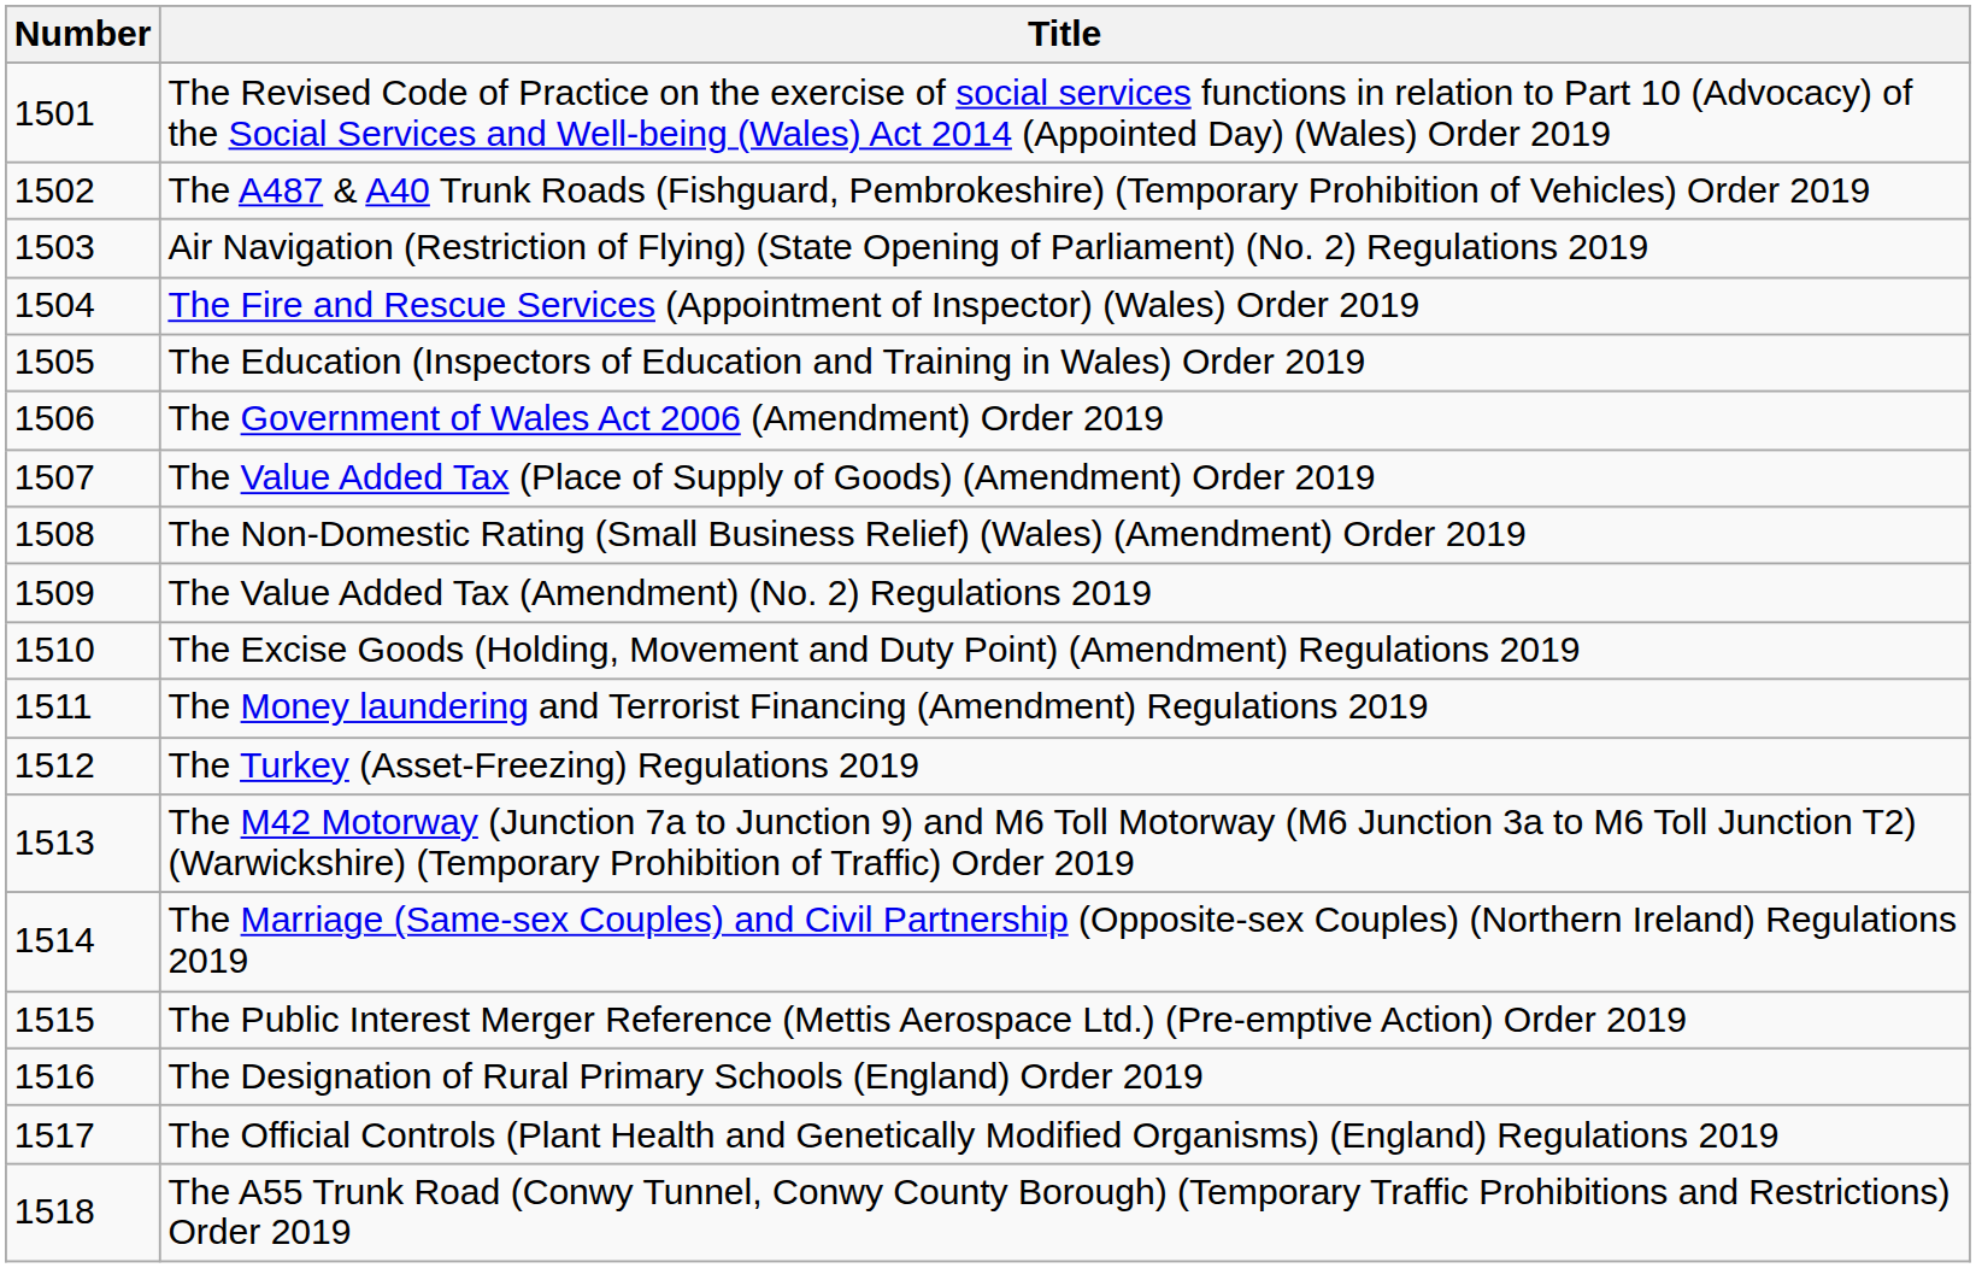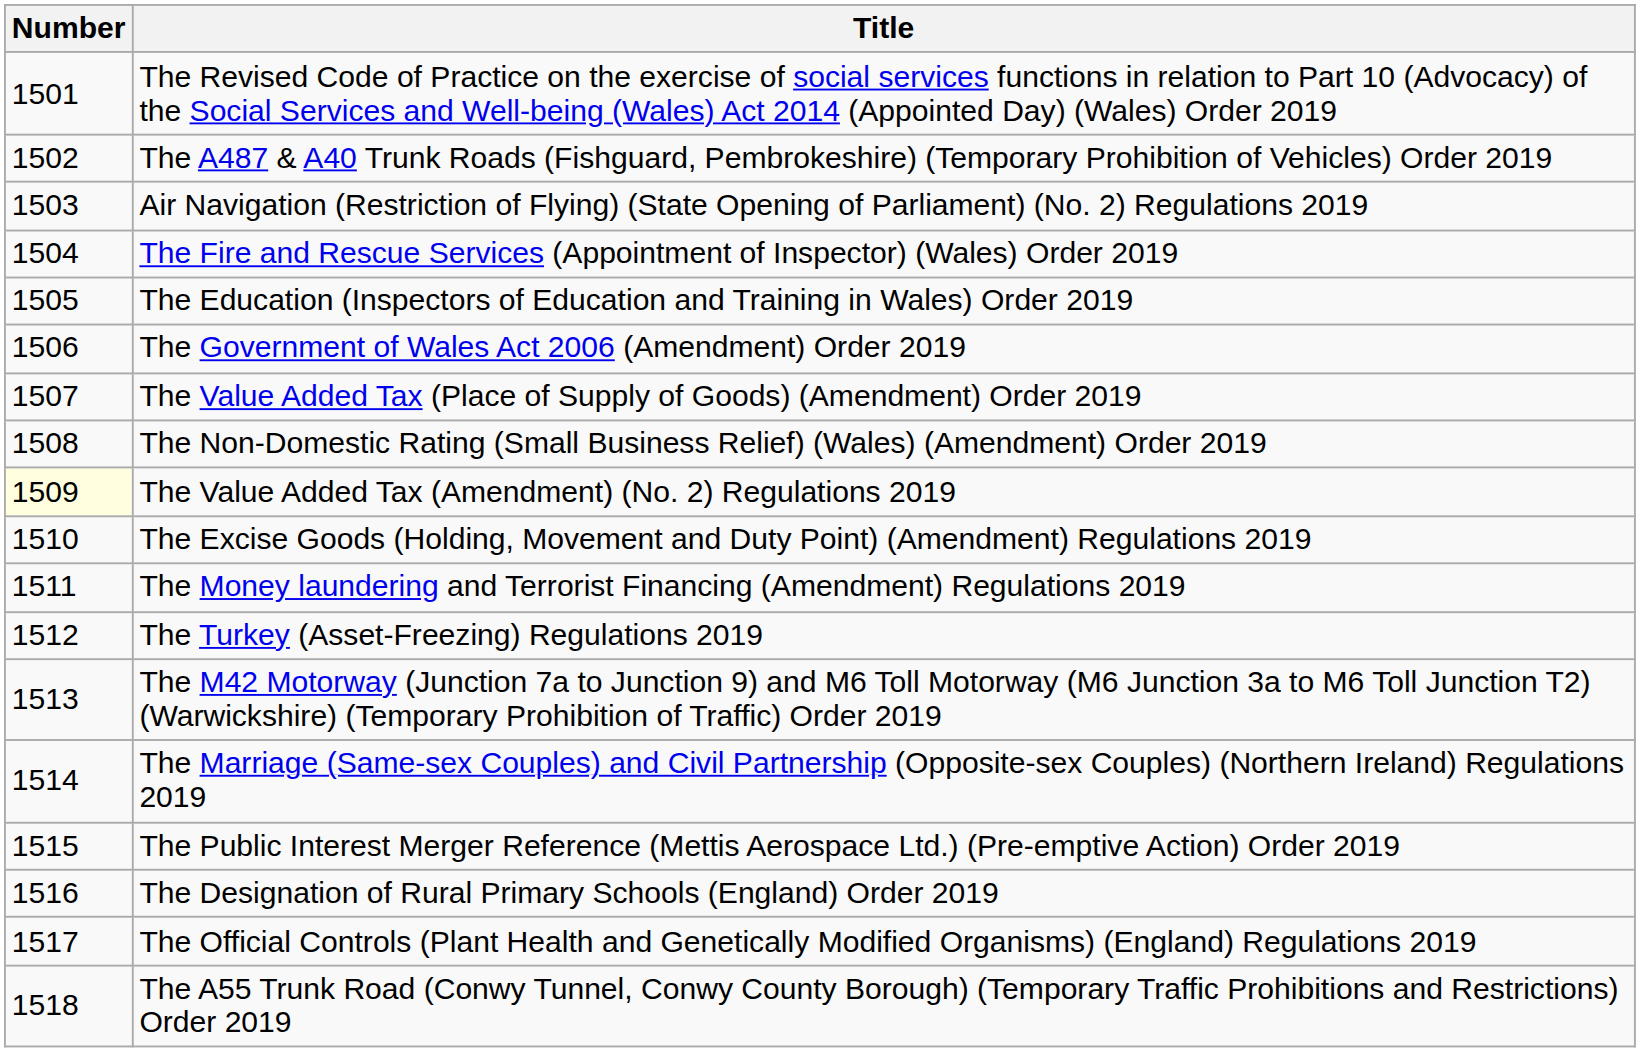 <table class="wikitable collapsible">
 <tr>
 <th>Number</th>
 <th>Title</th>
 </tr>
 <tr>
 <td>1501</td>
 <td>The Revised Code of Practice on the exercise of <a href='#'>social services</a> functions in relation to Part 10 (Advocacy) of the <a href='#'>Social Services and Well-being (Wales) Act 2014</a> (Appointed Day) (Wales) Order 2019</td>
 </tr>
 <tr>
 <td>1502</td>
 <td>The <a href='#'>A487</a> & <a href='#'>A40</a> Trunk Roads (Fishguard, Pembrokeshire) (Temporary Prohibition of Vehicles) Order 2019</td>
 </tr>
 <tr>
 <td>1503</td>
 <td>Air Navigation (Restriction of Flying) (State Opening of Parliament) (No. 2) Regulations 2019</td>
 </tr>
 <tr>
 <td>1504</td>
 <td><a href='#'>The Fire and Rescue Services</a> (Appointment of Inspector) (Wales) Order 2019</td>
 </tr>
 <tr>
 <td>1505</td>
 <td>The Education (Inspectors of Education and Training in Wales) Order 2019</td>
 </tr>
 <tr>
 <td>1506</td>
 <td>The <a href='#'>Government of Wales Act 2006</a> (Amendment) Order 2019</td>
 </tr>
 <tr>
 <td>1507</td>
 <td>The <a href='#'>Value Added Tax</a> (Place of Supply of Goods) (Amendment) Order 2019</td>
 </tr>
 <tr>
 <td>1508</td>
 <td>The Non-Domestic Rating (Small Business Relief) (Wales) (Amendment) Order 2019</td>
 </tr>
 <tr>
-<td>1509</td>
+<td style="background: lightyellow;">1509</td>
 <td>The Value Added Tax (Amendment) (No. 2) Regulations 2019</td>
 </tr>
 <tr>
 <td>1510</td>
 <td>The Excise Goods (Holding, Movement and Duty Point) (Amendment) Regulations 2019</td>
 </tr>
 <tr>
 <td>1511</td>
 <td>The <a href='#'>Money laundering</a> and Terrorist Financing (Amendment) Regulations 2019</td>
 </tr>
 <tr>
 <td>1512</td>
 <td>The <a href='#'>Turkey</a> (Asset-Freezing) Regulations 2019</td>
 </tr>
 <tr>
 <td>1513</td>
 <td>The <a href='#'>M42 Motorway</a> (Junction 7a to Junction 9) and M6 Toll Motorway (M6 Junction 3a to M6 Toll Junction T2) (Warwickshire) (Temporary Prohibition of Traffic) Order 2019</td>
 </tr>
 <tr>
 <td>1514</td>
 <td>The <a href='#'>Marriage (Same-sex Couples) and Civil Partnership</a> (Opposite-sex Couples) (Northern Ireland) Regulations 2019</td>
 </tr>
 <tr>
 <td>1515</td>
 <td>The Public Interest Merger Reference (Mettis Aerospace Ltd.) (Pre-emptive Action) Order 2019</td>
 </tr>
 <tr>
 <td>1516</td>
 <td>The Designation of Rural Primary Schools (England) Order 2019</td>
 </tr>
 <tr>
 <td>1517</td>
 <td>The Official Controls (Plant Health and Genetically Modified Organisms) (England) Regulations 2019</td>
 </tr>
 <tr>
 <td>1518</td>
 <td>The A55 Trunk Road (Conwy Tunnel, Conwy County Borough) (Temporary Traffic Prohibitions and Restrictions) Order 2019</td>
 </tr>
 </table>
